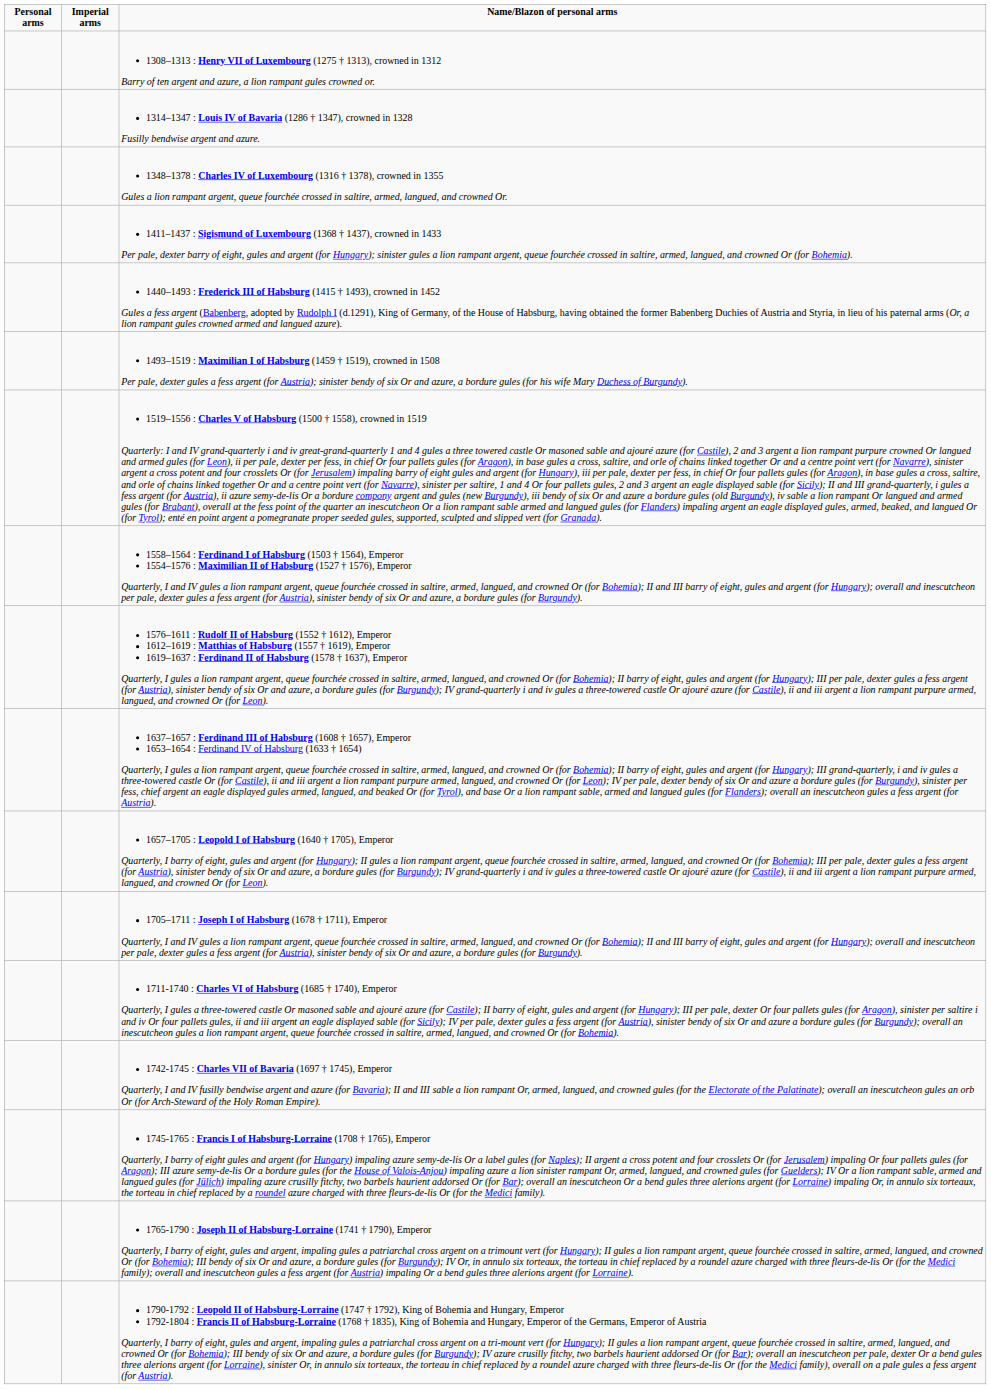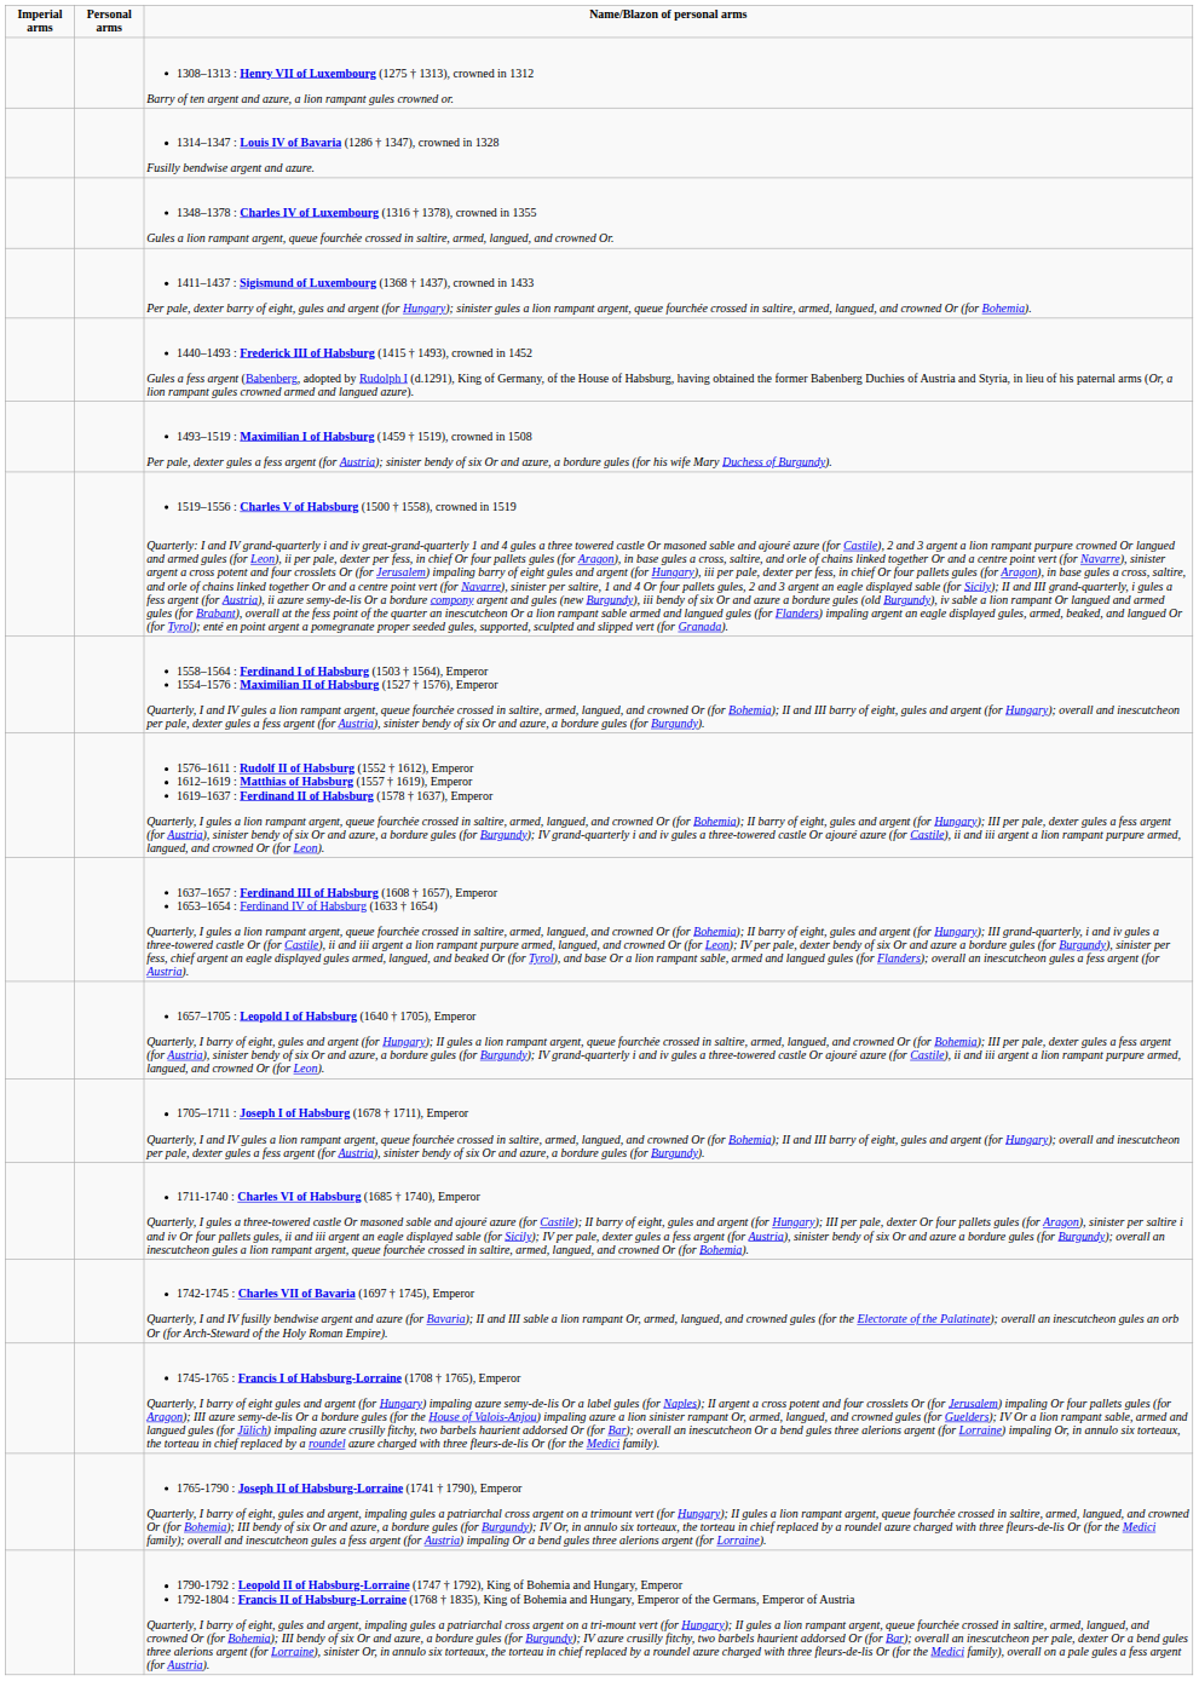 <table class=wikitable width=100%>
 <tr valign=top  align=center>
+<td width="85"><strong>Imperial arms</strong></td>
 <td width="85"><strong>Personal arms</strong></td>
-<td width="85"><strong>Imperial arms</strong></td>
 <td><strong>Name/Blazon of personal arms</strong></td>
 </tr>
 <tr valign=top>
 <td align=center></td>
 <td align=center></td>
 <td><br><ul><li>1308–1313 : <strong><a href='#'>Henry VII of Luxembourg</a></strong> (1275 † 1313), crowned in 1312</li></ul><em>Barry of ten argent and azure, a lion rampant gules crowned or.</em></td>
 </tr>
 <tr valign=top>
 <td align=center></td>
 <td align=center></td>
 <td><br><ul><li>1314–1347 : <strong><a href='#'>Louis IV of Bavaria</a></strong> (1286 † 1347), crowned in 1328</li></ul><em>Fusilly bendwise argent and azure.</em></td>
 </tr>
 <tr valign=top>
 <td align=center></td>
 <td align=center></td>
 <td><br><ul><li>1348–1378 : <strong><a href='#'>Charles IV of Luxembourg</a></strong> (1316 † 1378), crowned in 1355</li></ul><em>Gules a lion rampant argent, queue fourchée crossed in saltire, armed, langued, and crowned Or.</em></td>
 </tr>
 <tr valign=top>
 <td align=center></td>
 <td align=center></td>
 <td><br><ul><li>1411–1437 : <strong><a href='#'>Sigismund of Luxembourg</a></strong> (1368 † 1437), crowned in 1433</li></ul><em>Per pale, dexter barry of eight, gules and argent (for <a href='#'>Hungary</a>); sinister gules a lion rampant argent, queue fourchée crossed in saltire, armed, langued, and crowned Or (for <a href='#'>Bohemia</a>).</em></td>
 </tr>
 <tr valign=top>
 <td align=center></td>
 <td align=center></td>
 <td><br><ul><li>1440–1493 : <strong><a href='#'>Frederick III of Habsburg</a></strong> (1415 † 1493), crowned in 1452</li></ul><em>Gules a fess argent</em> (<a href='#'>Babenberg</a>, adopted by <a href='#'>Rudolph I</a> (d.1291), King of Germany, of the House of Habsburg, having obtained the former Babenberg Duchies of Austria and Styria, in lieu of his paternal arms (<em>Or, a lion rampant gules crowned armed and langued azure</em>).</td>
 </tr>
 <tr valign=top>
 <td align=center></td>
 <td align=center></td>
 <td><br><ul><li>1493–1519 : <strong><a href='#'>Maximilian I of Habsburg</a></strong> (1459 † 1519), crowned in 1508</li></ul><em>Per pale, dexter gules a fess argent (for <a href='#'>Austria</a>); sinister bendy of six Or and azure, a bordure gules (for his wife Mary <a href='#'>Duchess of Burgundy</a>).</em></td>
 </tr>
 <tr valign=top>
 <td align=center></td>
 <td align=center></td>
 <td><br><ul><li>1519–1556 : <strong><a href='#'>Charles V of Habsburg</a></strong> (1500 † 1558), crowned in 1519</li></ul><br><em>Quarterly: I and IV grand-quarterly i and iv great-grand-quarterly 1 and 4 gules a three towered castle Or masoned sable and ajouré azure (for <a href='#'>Castile</a>), 2 and 3 argent a lion rampant purpure crowned Or langued and armed gules (for <a href='#'>Leon</a>), ii per pale, dexter per fess, in chief Or four pallets gules (for <a href='#'>Aragon</a>), in base gules a cross, saltire, and orle of chains linked together Or and a centre point vert (for <a href='#'>Navarre</a>), sinister argent a cross potent and four crosslets Or (for <a href='#'>Jerusalem</a>) impaling barry of eight gules and argent (for <a href='#'>Hungary</a>), iii per pale, dexter per fess, in chief Or four pallets gules (for <a href='#'>Aragon</a>), in base gules a cross, saltire, and orle of chains linked together Or and a centre point vert (for <a href='#'>Navarre</a>), sinister per saltire, 1 and 4 Or four pallets gules, 2 and 3 argent an eagle displayed sable (for <a href='#'>Sicily</a>); II and III grand-quarterly, i gules a fess argent (for <a href='#'>Austria</a>), ii azure semy-de-lis Or a bordure <a href='#'>compony</a> argent and gules (new <a href='#'>Burgundy</a>), iii bendy of six Or and azure a bordure gules (old <a href='#'>Burgundy</a>), iv sable a lion rampant Or langued and armed gules (for <a href='#'>Brabant</a>), overall at the fess point of the quarter an inescutcheon Or a lion rampant sable armed and langued gules (for <a href='#'>Flanders</a>) impaling argent an eagle displayed gules, armed, beaked, and langued Or (for <a href='#'>Tyrol</a>); enté en point argent a pomegranate proper seeded gules, supported, sculpted and slipped vert (for <a href='#'>Granada</a>).</em></td>
 </tr>
 <tr valign=top>
 <td align=center></td>
 <td align=center></td>
 <td><br><ul><li>1558–1564 : <strong><a href='#'>Ferdinand I of Habsburg</a></strong> (1503 † 1564), Emperor</li><li>1554–1576 : <strong><a href='#'>Maximilian II of Habsburg</a></strong> (1527 † 1576), Emperor</li></ul><em>Quarterly, I and IV gules a lion rampant argent, queue fourchée crossed in saltire, armed, langued, and crowned Or (for <a href='#'>Bohemia</a>); II and III barry of eight, gules and argent (for <a href='#'>Hungary</a>); overall and inescutcheon per pale, dexter gules a fess argent (for <a href='#'>Austria</a>), sinister bendy of six Or and azure, a bordure gules (for <a href='#'>Burgundy</a>).</em></td>
 </tr>
 <tr valign=top>
 <td align=center></td>
 <td align=center></td>
 <td><br><ul><li>1576–1611 : <strong><a href='#'>Rudolf II of Habsburg</a></strong> (1552 † 1612), Emperor</li><li>1612–1619 : <strong><a href='#'>Matthias of Habsburg</a></strong> (1557 † 1619), Emperor</li><li>1619–1637 : <strong><a href='#'>Ferdinand II of Habsburg</a></strong> (1578 † 1637), Emperor</li></ul><em>Quarterly, I gules a lion rampant argent, queue fourchée crossed in saltire, armed, langued, and crowned Or (for <a href='#'>Bohemia</a>); II barry of eight, gules and argent (for <a href='#'>Hungary</a>); III per pale, dexter gules a fess argent (for <a href='#'>Austria</a>), sinister bendy of six Or and azure, a bordure gules (for <a href='#'>Burgundy</a>); IV grand-quarterly i and iv gules a three-towered castle Or ajouré azure (for <a href='#'>Castile</a>), ii and iii argent a lion rampant purpure armed, langued, and crowned Or (for <a href='#'>Leon</a>).</em></td>
 </tr>
 <tr valign=top>
 <td align=center></td>
 <td align=center></td>
 <td><br><ul><li>1637–1657 : <strong><a href='#'>Ferdinand III of Habsburg</a></strong> (1608 † 1657), Emperor</li><li>1653–1654 : <a href='#'>Ferdinand IV of Habsburg</a> (1633 † 1654)</li></ul><em>Quarterly, I gules a lion rampant argent, queue fourchée crossed in saltire, armed, langued, and crowned Or (for <a href='#'>Bohemia</a>); II barry of eight, gules and argent (for <a href='#'>Hungary</a>); III grand-quarterly, i and iv gules a three-towered castle Or (for <a href='#'>Castile</a>), ii and iii argent a lion rampant purpure armed, langued, and crowned Or (for <a href='#'>Leon</a>); IV per pale, dexter bendy of six Or and azure a bordure gules (for <a href='#'>Burgundy</a>), sinister per fess, chief argent an eagle displayed gules armed, langued, and beaked Or (for <a href='#'>Tyrol</a>), and base Or a lion rampant sable, armed and langued gules (for <a href='#'>Flanders</a>); overall an inescutcheon gules a fess argent (for <a href='#'>Austria</a>).</em></td>
 </tr>
 <tr valign=top>
 <td align=center></td>
 <td align=center></td>
 <td><br><ul><li>1657–1705 : <strong><a href='#'>Leopold I of Habsburg</a></strong> (1640 † 1705), Emperor</li></ul><em>Quarterly, I barry of eight, gules and argent (for <a href='#'>Hungary</a>); II gules a lion rampant argent, queue fourchée crossed in saltire, armed, langued, and crowned Or (for <a href='#'>Bohemia</a>); III per pale, dexter gules a fess argent (for <a href='#'>Austria</a>), sinister bendy of six Or and azure, a bordure gules (for <a href='#'>Burgundy</a>); IV grand-quarterly i and iv gules a three-towered castle Or ajouré azure (for <a href='#'>Castile</a>), ii and iii argent a lion rampant purpure armed, langued, and crowned Or (for <a href='#'>Leon</a>).</em></td>
 </tr>
 <tr valign=top>
 <td align=center></td>
 <td align=center></td>
 <td><br><ul><li>1705–1711 : <strong><a href='#'>Joseph I of Habsburg</a></strong> (1678 † 1711), Emperor</li></ul><em>Quarterly, I and IV gules a lion rampant argent, queue fourchée crossed in saltire, armed, langued, and crowned Or (for <a href='#'>Bohemia</a>); II and III barry of eight, gules and argent (for <a href='#'>Hungary</a>); overall and inescutcheon per pale, dexter gules a fess argent (for <a href='#'>Austria</a>), sinister bendy of six Or and azure, a bordure gules (for <a href='#'>Burgundy</a>).</em></td>
 </tr>
 <tr valign=top>
 <td align=center></td>
 <td align=center></td>
 <td><br><ul><li>1711-1740 : <strong><a href='#'>Charles VI of Habsburg</a></strong> (1685 † 1740), Emperor</li></ul><em>Quarterly, I gules a three-towered castle Or masoned sable and ajouré azure (for <a href='#'>Castile</a>); II barry of eight, gules and argent (for <a href='#'>Hungary</a>); III per pale, dexter Or four pallets gules (for <a href='#'>Aragon</a>), sinister per saltire i and iv Or four pallets gules, ii and iii argent an eagle displayed sable (for <a href='#'>Sicily</a>); IV per pale, dexter gules a fess argent (for <a href='#'>Austria</a>), sinister bendy of six Or and azure a bordure gules (for <a href='#'>Burgundy</a>); overall an inescutcheon gules a lion rampant argent, queue fourchée crossed in saltire, armed, langued, and crowned Or (for <a href='#'>Bohemia</a>).</em></td>
 </tr>
 <tr valign=top>
 <td align=center></td>
 <td align=center></td>
 <td><br><ul><li>1742-1745 : <strong><a href='#'>Charles VII of Bavaria</a></strong> (1697 † 1745), Emperor</li></ul><em>Quarterly, I and IV fusilly bendwise argent and azure (for <a href='#'>Bavaria</a>); II and III sable a lion rampant Or, armed, langued, and crowned gules (for the <a href='#'>Electorate of the Palatinate</a>); overall an inescutcheon gules an orb Or (for Arch-Steward of the Holy Roman Empire).</em></td>
 </tr>
 <tr valign=top>
 <td align=center></td>
 <td align=center></td>
 <td><br><ul><li>1745-1765 : <strong><a href='#'>Francis I of Habsburg-Lorraine</a></strong> (1708 † 1765), Emperor</li></ul><em>Quarterly, I barry of eight gules and argent (for <a href='#'>Hungary</a>) impaling azure semy-de-lis Or a label gules (for <a href='#'>Naples</a>); II argent a cross potent and four crosslets Or (for <a href='#'>Jerusalem</a>) impaling Or four pallets gules (for <a href='#'>Aragon</a>); III azure semy-de-lis Or a bordure gules (for the <a href='#'>House of Valois-Anjou</a>) impaling azure a lion sinister rampant Or, armed, langued, and crowned gules (for <a href='#'>Guelders</a>); IV Or a lion rampant sable, armed and langued gules (for <a href='#'>Jülich</a>) impaling azure crusilly fitchy, two barbels haurient addorsed Or (for <a href='#'>Bar</a>); overall an inescutcheon Or a bend gules three alerions argent (for <a href='#'>Lorraine</a>) impaling Or, in annulo six torteaux, the torteau in chief replaced by a <a href='#'>roundel</a> azure charged with three fleurs-de-lis Or (for the <a href='#'>Medici</a> family).</em></td>
 </tr>
 <tr valign=top>
 <td align=center></td>
 <td align=center></td>
 <td><br><ul><li>1765-1790 : <strong><a href='#'>Joseph II of Habsburg-Lorraine</a></strong> (1741 † 1790), Emperor</li></ul><em>Quarterly, I barry of eight, gules and argent, impaling gules a patriarchal cross argent on a trimount vert (for <a href='#'>Hungary</a>); II gules a lion rampant argent, queue fourchée crossed in saltire, armed, langued, and crowned Or (for <a href='#'>Bohemia</a>); III bendy of six Or and azure, a bordure gules (for <a href='#'>Burgundy</a>); IV Or, in annulo six torteaux, the torteau in chief replaced by a roundel azure charged with three fleurs-de-lis Or (for the <a href='#'>Medici</a> family); overall and inescutcheon gules a fess argent (for <a href='#'>Austria</a>) impaling Or a bend gules three alerions argent (for <a href='#'>Lorraine</a>).</em></td>
 </tr>
 <tr valign=top>
 <td align=center></td>
 <td align=center></td>
 <td><br><ul><li>1790-1792 : <strong><a href='#'>Leopold II of Habsburg-Lorraine</a></strong> (1747 † 1792), King of Bohemia and Hungary, Emperor</li><li>1792-1804 : <strong><a href='#'>Francis II of Habsburg-Lorraine</a></strong> (1768 † 1835), King of Bohemia and Hungary, Emperor of the Germans, Emperor of Austria</li></ul><em>Quarterly, I barry of eight, gules and argent, impaling gules a patriarchal cross argent on a tri-mount vert (for <a href='#'>Hungary</a>); II gules a lion rampant argent, queue fourchée crossed in saltire, armed, langued, and crowned Or (for <a href='#'>Bohemia</a>); III bendy of six Or and azure, a bordure gules (for <a href='#'>Burgundy</a>); IV azure crusilly fitchy, two barbels haurient addorsed Or (for <a href='#'>Bar</a>); overall an inescutcheon per pale, dexter Or a bend gules three alerions argent (for <a href='#'>Lorraine</a>), sinister Or, in annulo six torteaux, the torteau in chief replaced by a roundel azure charged with three fleurs-de-lis Or (for the <a href='#'>Medici</a> family), overall on a pale gules a fess argent (for <a href='#'>Austria</a>).</em></td>
 </tr>
 </table>
